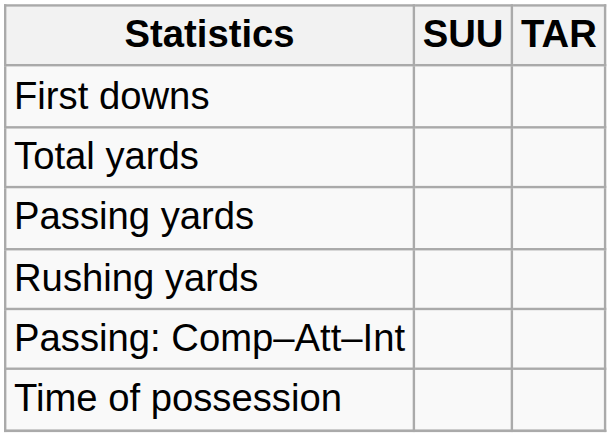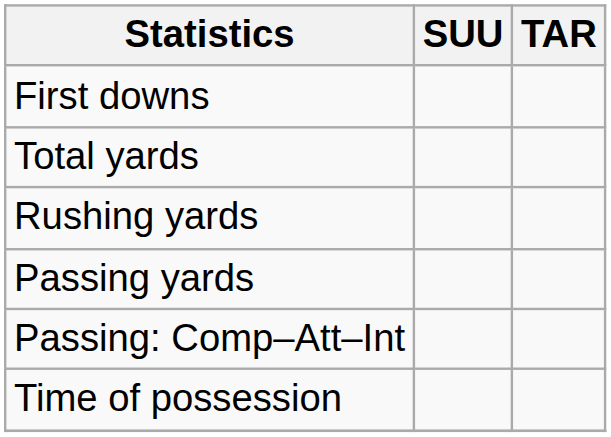 <table class="wikitable" style="float: left;">
 <tr>
 <th>Statistics</th>
 <th>SUU</th>
 <th>TAR</th>
 </tr>
 <tr>
 <td>First downs</td>
 <td></td>
 <td></td>
 </tr>
 <tr>
 <td>Total yards</td>
 <td></td>
 <td></td>
 </tr>
 <tr>
-<td>Passing yards</td>
+<td>Rushing yards</td>
 <td></td>
 <td></td>
 </tr>
 <tr>
-<td>Rushing yards</td>
+<td>Passing yards</td>
 <td></td>
 <td></td>
 </tr>
 <tr>
 <td>Passing: Comp–Att–Int</td>
 <td></td>
 <td></td>
 </tr>
 <tr>
 <td>Time of possession</td>
 <td></td>
 <td></td>
 </tr>
 <tr>
 </tr>
 </table>
